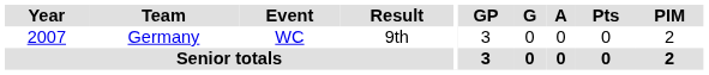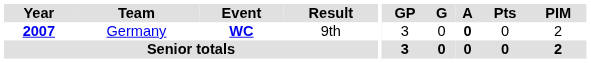 <table border="0" cellpadding="1" cellspacing="0" ID="Table3" style="text-align:center; width:40em">
 <tr ALIGN="center" bgcolor="#e0e0e0">
 <th>Year</th>
 <th>Team</th>
 <th>Event</th>
 <th>Result</th>
 <th rowspan="99" bgcolor="#ffffff"></th>
 <th>GP</th>
 <th>G</th>
 <th>A</th>
 <th>Pts</th>
 <th>PIM</th>
 </tr>
 <tr ALIGN="center">
-<td><a href='#'>2007</a></td>
+<td><strong><a href='#'>2007</a></strong></td>
 <td><a href='#'>Germany</a></td>
-<td><a href='#'>WC</a></td>
+<td><strong><a href='#'>WC</a></strong></td>
 <td>9th</td>
 <td>3</td>
 <td>0</td>
-<td>0</td>
+<td><strong>0</strong></td>
 <td>0</td>
 <td>2</td>
 </tr>
 <tr bgcolor="#e0e0e0">
 <th colspan="4">Senior totals</th>
 <th>3</th>
 <th>0</th>
 <th>0</th>
 <th>0</th>
 <th>2</th>
 </tr>
 </table>
